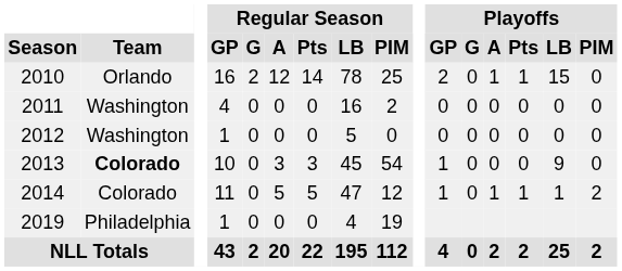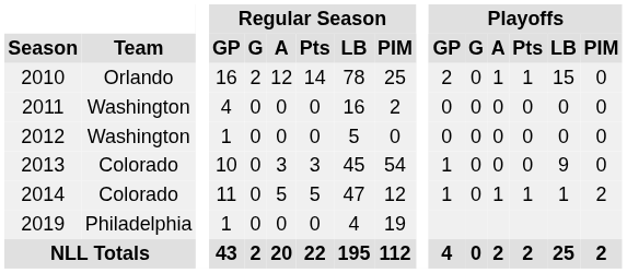 <table BORDER="0" CELLPADDING="3" CELLSPACING="0">
 <tr ALIGN="center" bgcolor="#e0e0e0">
 <th colspan="2" bgcolor="#ffffff"> </th>
 <th rowspan="99" bgcolor="#ffffff"> </th>
 <th colspan="6">Regular Season</th>
 <th rowspan="99" bgcolor="#ffffff"> </th>
 <th colspan="6">Playoffs</th>
 </tr>
 <tr ALIGN="center" bgcolor="#e0e0e0">
 <th>Season</th>
 <th>Team</th>
 <th>GP</th>
 <th>G</th>
 <th>A</th>
 <th>Pts</th>
 <th>LB</th>
 <th>PIM</th>
 <th>GP</th>
 <th>G</th>
 <th>A</th>
 <th>Pts</th>
 <th>LB</th>
 <th>PIM</th>
 </tr>
 <tr ALIGN="center" bgcolor="#f0f0f0">
 <td>2010</td>
 <td>Orlando</td>
 <td>16</td>
 <td>2</td>
 <td>12</td>
 <td>14</td>
 <td>78</td>
 <td>25</td>
 <td>2</td>
 <td>0</td>
 <td>1</td>
 <td>1</td>
 <td>15</td>
 <td>0</td>
 </tr>
 <tr ALIGN="center" bgcolor="#f0f0f0">
 <td>2011</td>
 <td>Washington</td>
 <td>4</td>
 <td>0</td>
 <td>0</td>
 <td>0</td>
 <td>16</td>
 <td>2</td>
 <td>0</td>
 <td>0</td>
 <td>0</td>
 <td>0</td>
 <td>0</td>
 <td>0</td>
 </tr>
 <tr ALIGN="center" bgcolor="#f0f0f0">
 <td>2012</td>
 <td>Washington</td>
 <td>1</td>
 <td>0</td>
 <td>0</td>
 <td>0</td>
 <td>5</td>
 <td>0</td>
 <td>0</td>
 <td>0</td>
 <td>0</td>
 <td>0</td>
 <td>0</td>
 <td>0</td>
 </tr>
 <tr ALIGN="center" bgcolor="#f0f0f0">
 <td>2013</td>
-<td><strong>Colorado</strong></td>
+<td>Colorado</td>
 <td>10</td>
 <td>0</td>
 <td>3</td>
 <td>3</td>
 <td>45</td>
 <td>54</td>
 <td>1</td>
 <td>0</td>
 <td>0</td>
 <td>0</td>
 <td>9</td>
 <td>0</td>
 </tr>
 <tr ALIGN="center" bgcolor="#f0f0f0">
 <td>2014</td>
 <td>Colorado</td>
 <td>11</td>
 <td>0</td>
 <td>5</td>
 <td>5</td>
 <td>47</td>
 <td>12</td>
 <td>1</td>
 <td>0</td>
 <td>1</td>
 <td>1</td>
 <td>1</td>
 <td>2</td>
 </tr>
 <tr ALIGN="center" bgcolor="#f0f0f0">
 <td>2019</td>
 <td>Philadelphia</td>
 <td>1</td>
 <td>0</td>
 <td>0</td>
 <td>0</td>
 <td>4</td>
 <td>19</td>
 <td></td>
 <td></td>
 <td></td>
 <td></td>
 <td></td>
 <td></td>
 </tr>
 <tr ALIGN="center" bgcolor="#e0e0e0">
 <th colspan="2">NLL Totals</th>
 <th>43</th>
 <th>2</th>
 <th>20</th>
 <th>22</th>
 <th>195</th>
 <th>112</th>
 <th>4</th>
 <th>0</th>
 <th>2</th>
 <th>2</th>
 <th>25</th>
 <th>2</th>
 </tr>
 </table>
